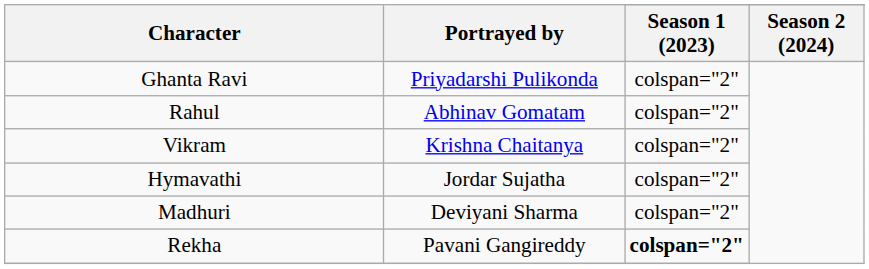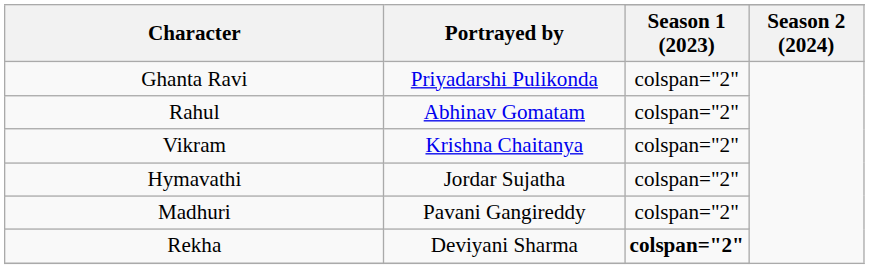 <table class="wikitable" style="text-align:center;">
 <tr>
 <th rowspan="2" style="width:280px;">Character</th>
 <th style="width:175px;" rowspan="2">Portrayed by</th>
 </tr>
 <tr>
 <th style="width:80px;">Season 1<br>(2023)</th>
 <th style="width:80px;">Season 2<br>(2024)</th>
 </tr>
 <tr>
 <td>Ghanta Ravi</td>
 <td><a href='#'>Priyadarshi Pulikonda</a></td>
 <td>colspan="2" </td>
 </tr>
 <tr>
 <td>Rahul</td>
 <td><a href='#'>Abhinav Gomatam</a></td>
 <td>colspan="2" </td>
 </tr>
 <tr>
 <td>Vikram</td>
 <td><a href='#'>Krishna Chaitanya</a></td>
 <td>colspan="2" </td>
 </tr>
 <tr>
 <td>Hymavathi</td>
 <td>Jordar Sujatha</td>
 <td>colspan="2" </td>
 </tr>
 <tr>
 <td>Madhuri</td>
-<td>Deviyani Sharma</td>
+<td>Pavani Gangireddy</td>
 <td>colspan="2" </td>
 </tr>
 <tr>
 <td>Rekha</td>
-<td>Pavani Gangireddy</td>
+<td>Deviyani Sharma</td>
 <td><strong>colspan="2" </strong></td>
 </tr>
 <tr>
 </tr>
 </table>
